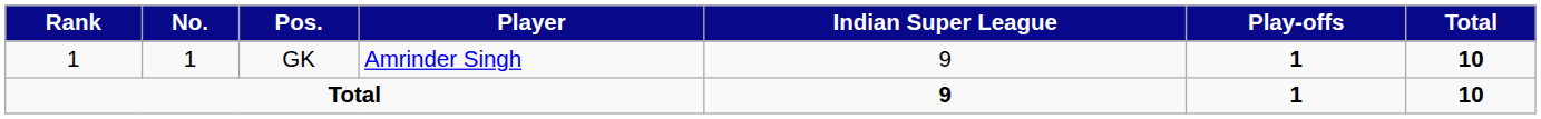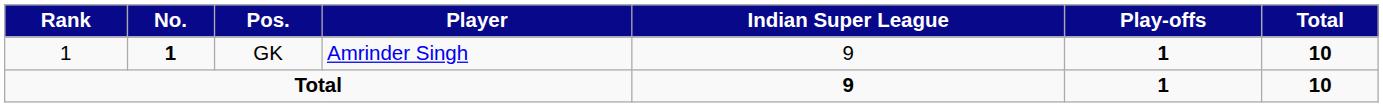 <table class="wikitable sortable" style="text-align:center;width:85%;">
 <tr>
 <th style=background:#08088A;color:#FFFFFF>Rank</th>
 <th style=background:#08088A;color:#FFFFFF>No.</th>
 <th style=background:#08088A;color:#FFFFFF>Pos.</th>
 <th style=background:#08088A;color:#FFFFFF>Player</th>
 <th style=background:#08088A;color:#FFFFFF>Indian Super League</th>
 <th style=background:#08088A;color:#FFFFFF>Play-offs</th>
 <th style=background:#08088A;color:#FFFFFF>Total</th>
 </tr>
 <tr>
 <td>1</td>
-<td>1</td>
+<td><strong>1</strong></td>
 <td>GK</td>
 <td align=left> <a href='#'>Amrinder Singh</a></td>
 <td>9</td>
 <td><strong>1</strong></td>
 <td><strong>10</strong></td>
 </tr>
 <tr>
 <td colspan=4><strong>Total</strong></td>
 <td><strong>9</strong></td>
 <td><strong>1</strong></td>
 <td><strong>10</strong></td>
 </tr>
 </table>
